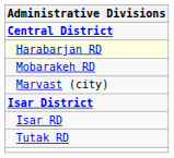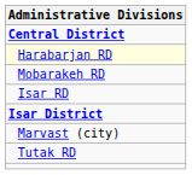 <table class="wikitable">
 <tr>
 <th>Administrative Divisions</th>
 </tr>
 <tr>
 <td><strong><a href='#'>Central District</a></strong></td>
 </tr>
 <tr>
 <td style="background: lightyellow; padding-left: 1em;"><a href='#'>Harabarjan RD</a></td>
 </tr>
 <tr>
 <td style="padding-left: 1em;"><a href='#'>Mobarakeh RD</a></td>
 </tr>
 <tr>
-<td style="padding-left: 1em;"><a href='#'>Marvast</a> (city)</td>
+<td style="padding-left: 1em;"><a href='#'>Isar RD</a></td>
 </tr>
 <tr>
 <td><strong><a href='#'>Isar District</a></strong></td>
 </tr>
 <tr>
-<td style="padding-left: 1em;"><a href='#'>Isar RD</a></td>
+<td style="padding-left: 1em;"><a href='#'>Marvast</a> (city)</td>
 </tr>
 <tr>
 <td style="padding-left: 1em;"><a href='#'>Tutak RD</a></td>
 </tr>
 <tr>
 <td colspan=1></td>
 </tr>
 </table>
